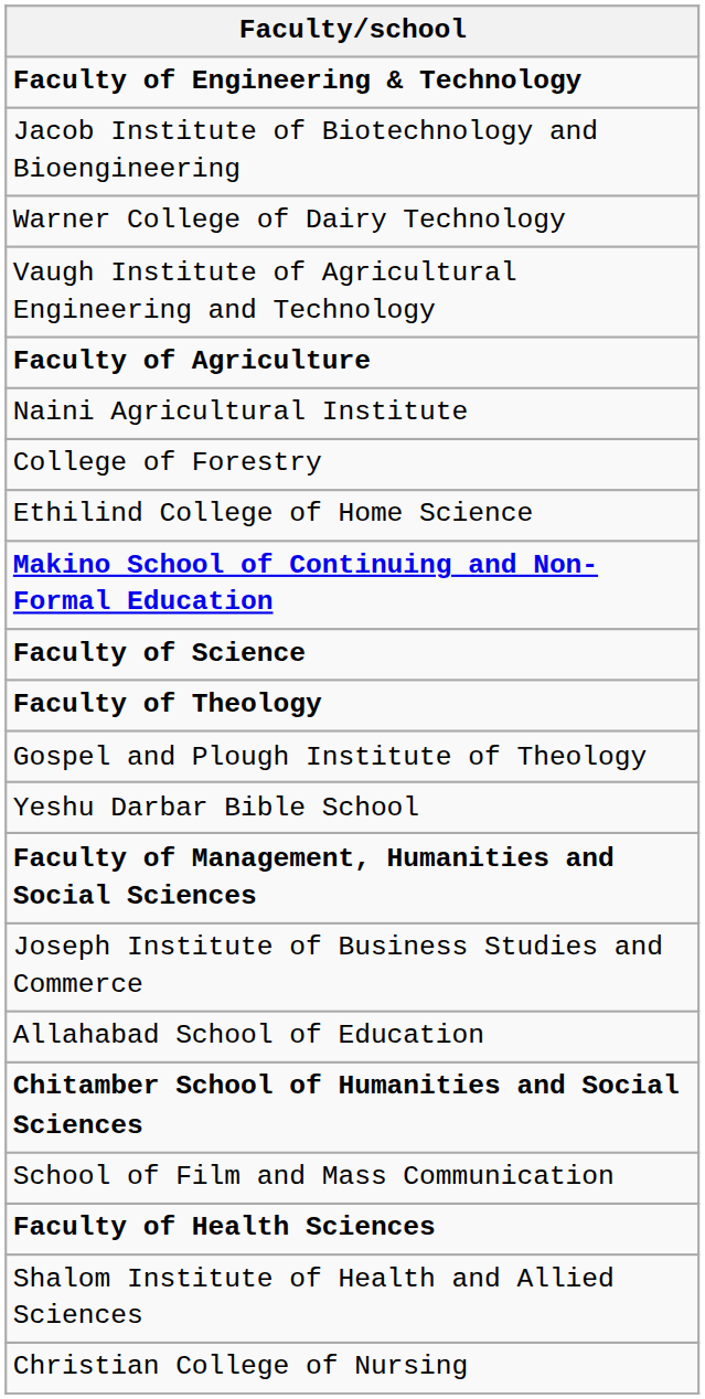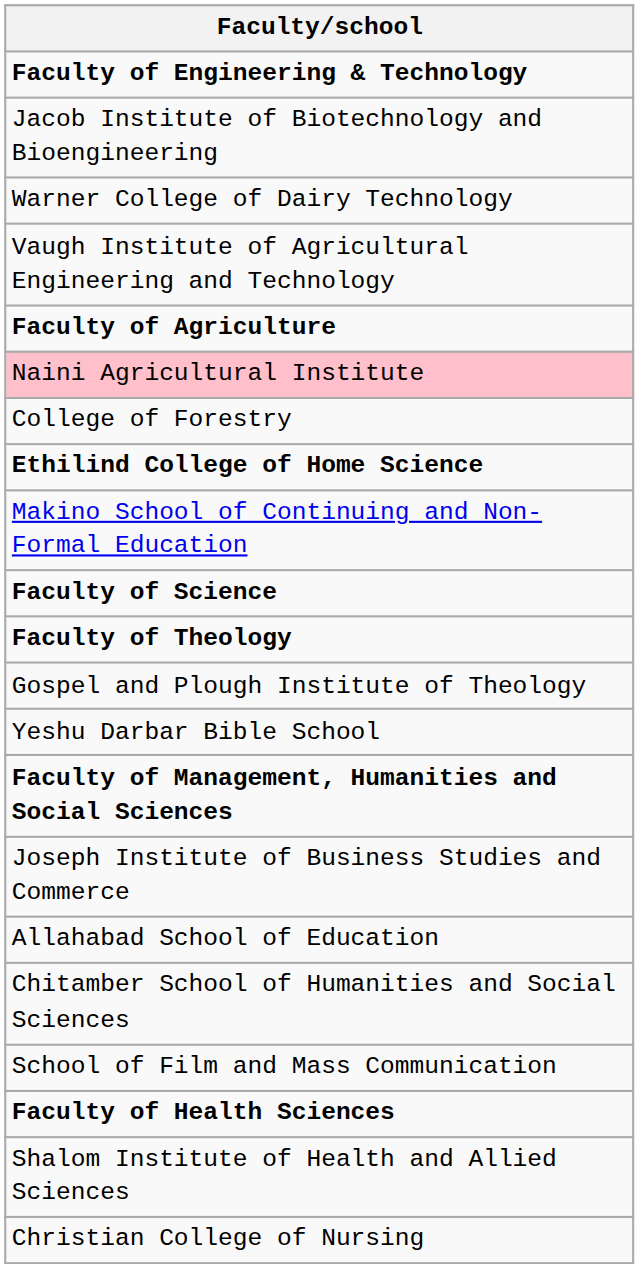 <table class="wikitable sortable toccolours" style="float:right; margin-left:1em; font-size:90%; line-height:1.4em; width:300px;">
 <tr>
 <th colspan="2" style="text-align: center;"><strong>Faculty/school</strong></th>
 </tr>
 <tr>
 <td><strong>Faculty of Engineering & Technology</strong></td>
 </tr>
 <tr>
 <td>Jacob Institute of Biotechnology and Bioengineering</td>
 </tr>
 <tr>
 <td>Warner College of Dairy Technology</td>
 </tr>
 <tr>
 <td>Vaugh Institute of Agricultural Engineering and Technology</td>
 </tr>
 <tr>
 <td><strong>Faculty of Agriculture</strong></td>
 </tr>
 <tr>
-<td>Naini Agricultural Institute</td>
+<td style="background: pink;">Naini Agricultural Institute</td>
 </tr>
 <tr>
 <td>College of Forestry</td>
 </tr>
 <tr>
-<td>Ethilind College of Home Science</td>
+<td><strong>Ethilind College of Home Science</strong></td>
 </tr>
 <tr>
-<td><strong><a href='#'>Makino School of Continuing and Non-Formal Education</a></strong></td>
+<td><a href='#'>Makino School of Continuing and Non-Formal Education</a></td>
 </tr>
 <tr>
 <td><strong>Faculty of Science</strong></td>
 </tr>
 <tr>
 <td><strong>Faculty of Theology</strong></td>
 </tr>
 <tr>
 <td>Gospel and Plough Institute of Theology</td>
 </tr>
 <tr>
 <td>Yeshu Darbar Bible School</td>
 </tr>
 <tr>
 <td><strong>Faculty of Management, Humanities and Social Sciences</strong></td>
 </tr>
 <tr>
 <td>Joseph Institute of Business Studies and Commerce</td>
 </tr>
 <tr>
 <td>Allahabad School of Education</td>
 </tr>
 <tr>
-<td><strong>Chitamber School of Humanities and Social Sciences</strong></td>
+<td>Chitamber School of Humanities and Social Sciences</td>
 </tr>
 <tr>
 <td>School of Film and Mass Communication</td>
 </tr>
 <tr>
 <td><strong>Faculty of Health Sciences</strong></td>
 </tr>
 <tr>
 <td>Shalom Institute of Health and Allied Sciences</td>
 </tr>
 <tr>
 <td>Christian College of Nursing</td>
 </tr>
 </table>
